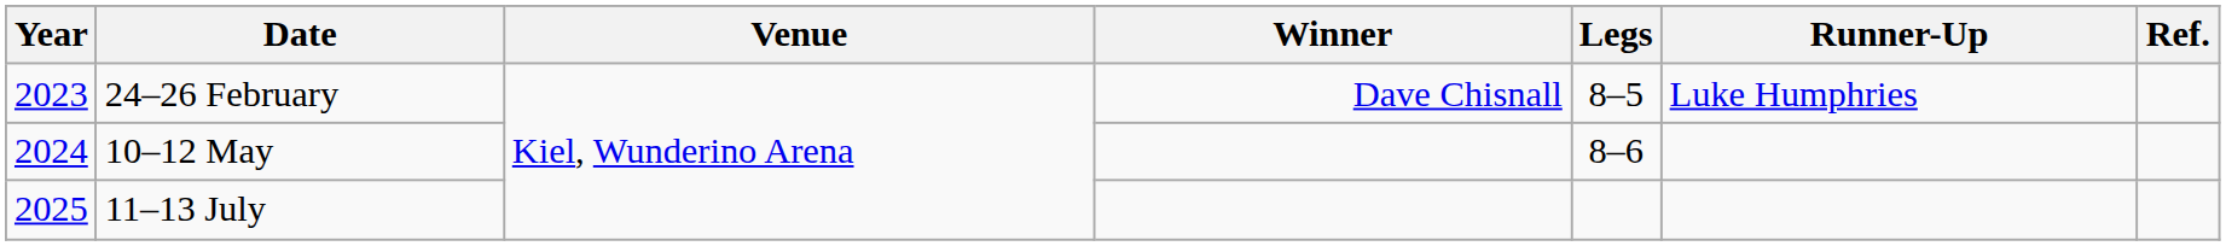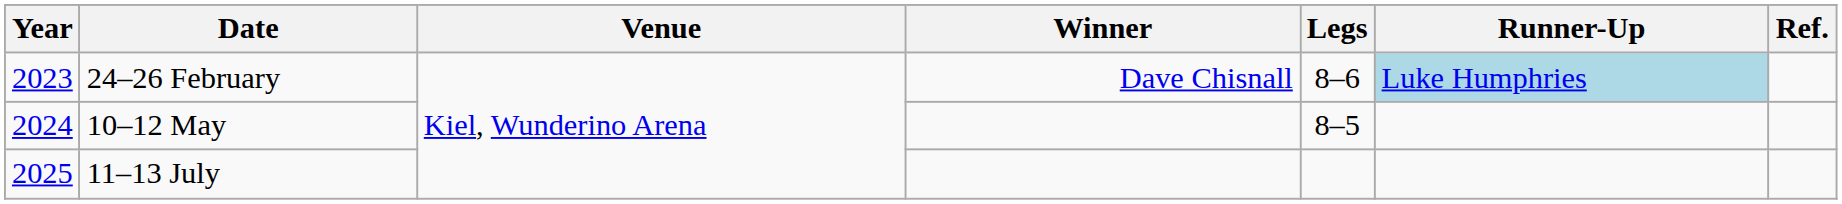 <table class="wikitable">
 <tr>
 <th>Year</th>
 <th style=width:170px>Date</th>
 <th style=width:250px>Venue</th>
 <th style=width:200px>Winner</th>
 <th>Legs</th>
 <th style=width:200px>Runner-Up</th>
 <th>Ref.</th>
 </tr>
 <tr>
 <td align=center><a href='#'>2023</a></td>
 <td align=left>24–26 February</td>
 <td rowspan=3> <a href='#'>Kiel</a>, <a href='#'>Wunderino Arena</a></td>
 <td align=right><a href='#'>Dave Chisnall</a> </td>
-<td align=center>8–5</td>
-<td> <a href='#'>Luke Humphries</a></td>
+<td align=center>8–6</td>
+<td style="background: lightblue;"> <a href='#'>Luke Humphries</a></td>
 <td align="center"></td>
 </tr>
 <tr>
 <td align=center><a href='#'>2024</a></td>
 <td align=left>10–12 May</td>
 <td align=right></td>
-<td align=center>8–6</td>
+<td align=center>8–5</td>
 <td></td>
 <td align="center"></td>
 </tr>
 <tr>
 <td align=center><a href='#'>2025</a></td>
 <td align=left>11–13 July</td>
 <td align=right></td>
 <td align=center></td>
 <td></td>
 <td align="center"></td>
 </tr>
 </table>
